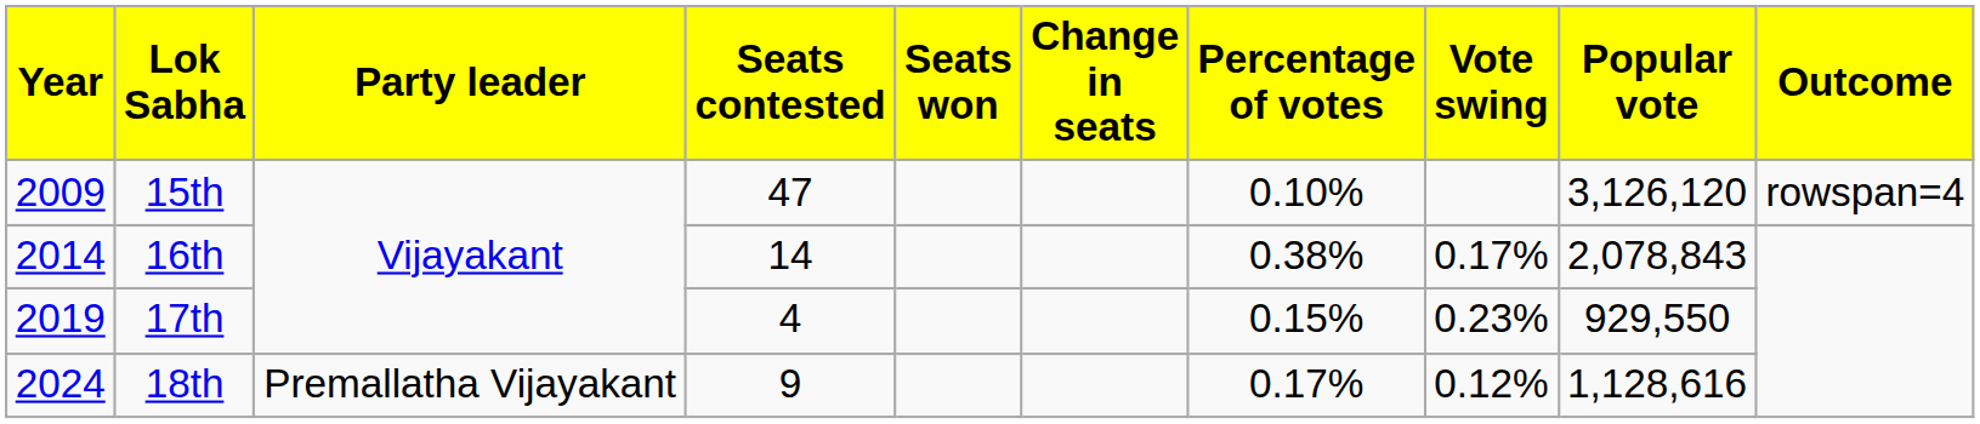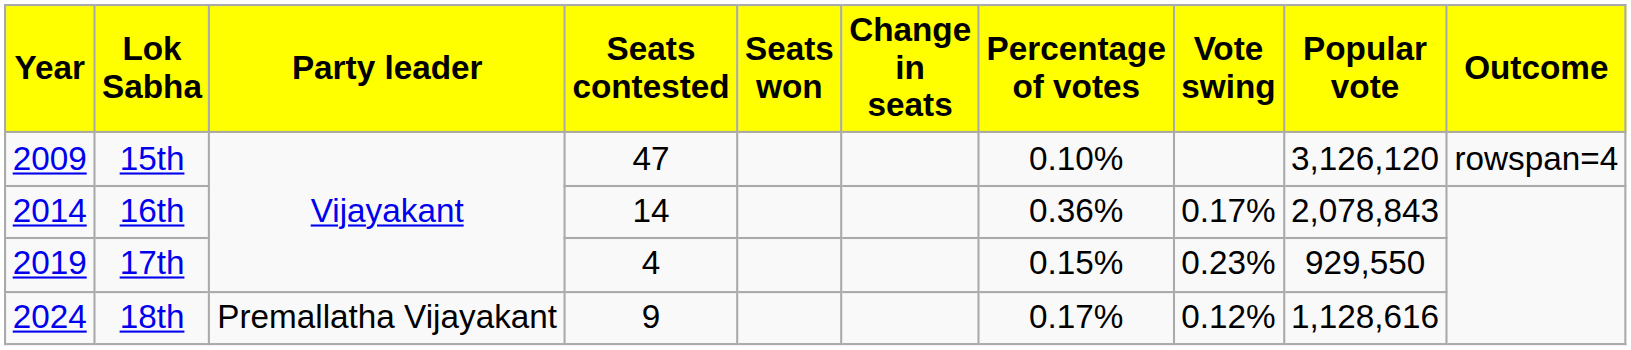 <table class="wikitable sortable" style="text-align:center;">
 <tr>
 <th style="background-color:#FFFF00;color:black">Year</th>
 <th style="background-color:#FFFF00;color:black">Lok Sabha</th>
 <th style="background-color:#FFFF00;color:black">Party leader</th>
 <th style="background-color:#FFFF00;color:black">Seats contested</th>
 <th style="background-color:#FFFF00;color:black">Seats won</th>
 <th style="background-color:#FFFF00;color:black">Change in seats</th>
 <th style="background-color:#FFFF00;color:black">Percentage of votes</th>
 <th style="background-color:#FFFF00;color:black">Vote swing</th>
 <th style="background-color:#FFFF00;color:black">Popular vote</th>
 <th style="background-color:#FFFF00;color:black">Outcome</th>
 </tr>
 <tr>
 <td><a href='#'>2009</a></td>
 <td><a href='#'>15th</a></td>
 <td rowspan=3><a href='#'>Vijayakant</a></td>
 <td>47</td>
 <td></td>
 <td></td>
 <td>0.10%</td>
 <td></td>
 <td>3,126,120</td>
 <td>rowspan=4 </td>
 </tr>
 <tr>
 <td><a href='#'>2014</a></td>
 <td><a href='#'>16th</a></td>
 <td>14</td>
 <td></td>
 <td></td>
-<td>0.38%</td>
+<td>0.36%</td>
 <td> 0.17%</td>
 <td>2,078,843</td>
 </tr>
 <tr>
 <td><a href='#'>2019</a></td>
 <td><a href='#'>17th</a></td>
 <td>4</td>
 <td></td>
 <td></td>
 <td>0.15%</td>
 <td> 0.23%</td>
 <td>929,550</td>
 </tr>
 <tr>
 <td><a href='#'>2024</a></td>
 <td><a href='#'>18th</a></td>
 <td>Premallatha Vijayakant</td>
 <td>9</td>
 <td></td>
 <td></td>
 <td>0.17%</td>
 <td> 0.12%</td>
 <td>1,128,616</td>
 </tr>
 </table>
